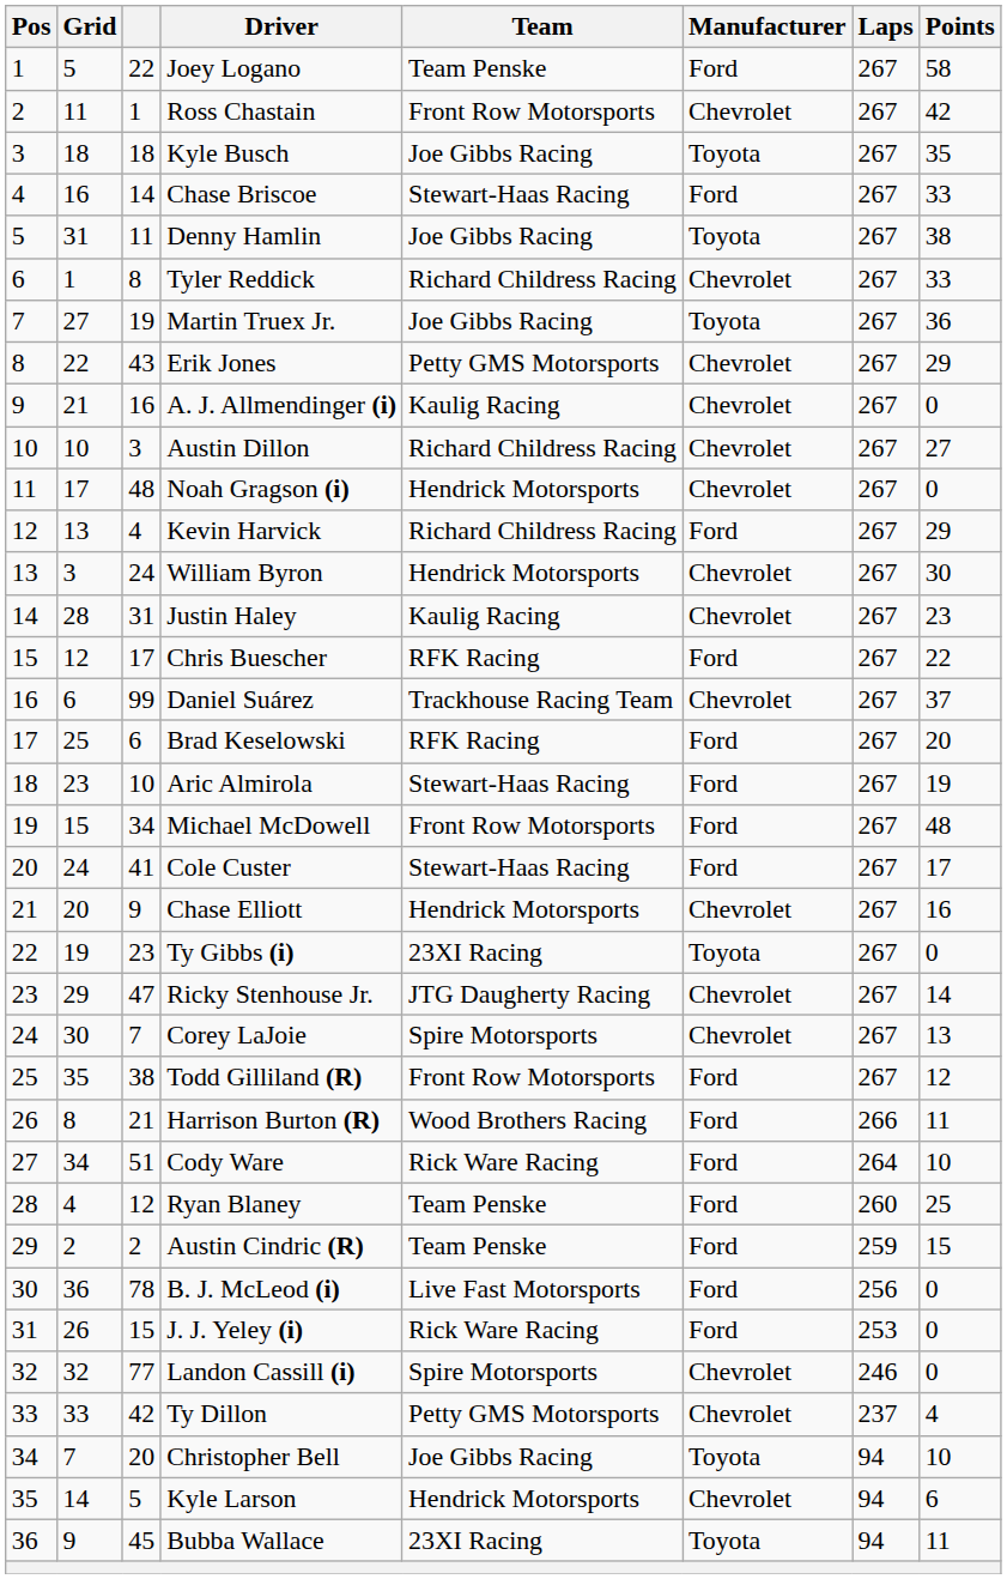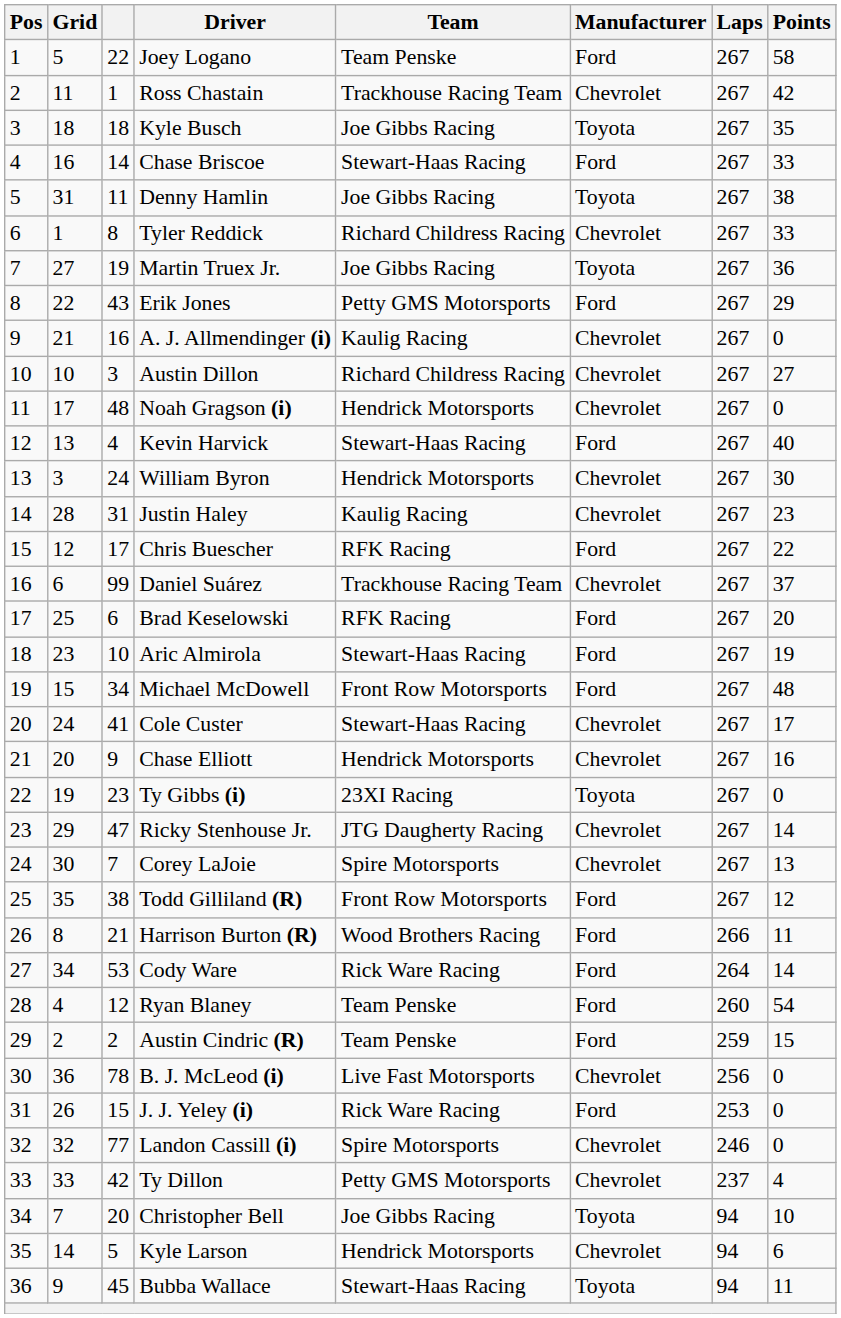 <table class="wikitable" style="font-size:98%">
 <tr>
 <th>Pos</th>
 <th>Grid</th>
 <th></th>
 <th>Driver</th>
 <th>Team</th>
 <th>Manufacturer</th>
 <th>Laps</th>
 <th>Points</th>
 </tr>
 <tr>
 <td>1</td>
 <td>5</td>
 <td>22</td>
 <td>Joey Logano</td>
 <td>Team Penske</td>
 <td>Ford</td>
 <td>267</td>
 <td>58</td>
 </tr>
 <tr>
 <td>2</td>
 <td>11</td>
 <td>1</td>
 <td>Ross Chastain</td>
-<td>Front Row Motorsports</td>
+<td>Trackhouse Racing Team</td>
 <td>Chevrolet</td>
 <td>267</td>
 <td>42</td>
 </tr>
 <tr>
 <td>3</td>
 <td>18</td>
 <td>18</td>
 <td>Kyle Busch</td>
 <td>Joe Gibbs Racing</td>
 <td>Toyota</td>
 <td>267</td>
 <td>35</td>
 </tr>
 <tr>
 <td>4</td>
 <td>16</td>
 <td>14</td>
 <td>Chase Briscoe</td>
 <td>Stewart-Haas Racing</td>
 <td>Ford</td>
 <td>267</td>
 <td>33</td>
 </tr>
 <tr>
 <td>5</td>
 <td>31</td>
 <td>11</td>
 <td>Denny Hamlin</td>
 <td>Joe Gibbs Racing</td>
 <td>Toyota</td>
 <td>267</td>
 <td>38</td>
 </tr>
 <tr>
 <td>6</td>
 <td>1</td>
 <td>8</td>
 <td>Tyler Reddick</td>
 <td>Richard Childress Racing</td>
 <td>Chevrolet</td>
 <td>267</td>
 <td>33</td>
 </tr>
 <tr>
 <td>7</td>
 <td>27</td>
 <td>19</td>
 <td>Martin Truex Jr.</td>
 <td>Joe Gibbs Racing</td>
 <td>Toyota</td>
 <td>267</td>
 <td>36</td>
 </tr>
 <tr>
 <td>8</td>
 <td>22</td>
 <td>43</td>
 <td>Erik Jones</td>
 <td>Petty GMS Motorsports</td>
-<td>Chevrolet</td>
+<td>Ford</td>
 <td>267</td>
 <td>29</td>
 </tr>
 <tr>
 <td>9</td>
 <td>21</td>
 <td>16</td>
 <td>A. J. Allmendinger <strong>(i)</strong></td>
 <td>Kaulig Racing</td>
 <td>Chevrolet</td>
 <td>267</td>
 <td>0</td>
 </tr>
 <tr>
 <td>10</td>
 <td>10</td>
 <td>3</td>
 <td>Austin Dillon</td>
 <td>Richard Childress Racing</td>
 <td>Chevrolet</td>
 <td>267</td>
 <td>27</td>
 </tr>
 <tr>
 <td>11</td>
 <td>17</td>
 <td>48</td>
 <td>Noah Gragson <strong>(i)</strong></td>
 <td>Hendrick Motorsports</td>
 <td>Chevrolet</td>
 <td>267</td>
 <td>0</td>
 </tr>
 <tr>
 <td>12</td>
 <td>13</td>
 <td>4</td>
 <td>Kevin Harvick</td>
-<td>Richard Childress Racing</td>
+<td>Stewart-Haas Racing</td>
 <td>Ford</td>
 <td>267</td>
-<td>29</td>
+<td>40</td>
 </tr>
 <tr>
 <td>13</td>
 <td>3</td>
 <td>24</td>
 <td>William Byron</td>
 <td>Hendrick Motorsports</td>
 <td>Chevrolet</td>
 <td>267</td>
 <td>30</td>
 </tr>
 <tr>
 <td>14</td>
 <td>28</td>
 <td>31</td>
 <td>Justin Haley</td>
 <td>Kaulig Racing</td>
 <td>Chevrolet</td>
 <td>267</td>
 <td>23</td>
 </tr>
 <tr>
 <td>15</td>
 <td>12</td>
 <td>17</td>
 <td>Chris Buescher</td>
 <td>RFK Racing</td>
 <td>Ford</td>
 <td>267</td>
 <td>22</td>
 </tr>
 <tr>
 <td>16</td>
 <td>6</td>
 <td>99</td>
 <td>Daniel Suárez</td>
 <td>Trackhouse Racing Team</td>
 <td>Chevrolet</td>
 <td>267</td>
 <td>37</td>
 </tr>
 <tr>
 <td>17</td>
 <td>25</td>
 <td>6</td>
 <td>Brad Keselowski</td>
 <td>RFK Racing</td>
 <td>Ford</td>
 <td>267</td>
 <td>20</td>
 </tr>
 <tr>
 <td>18</td>
 <td>23</td>
 <td>10</td>
 <td>Aric Almirola</td>
 <td>Stewart-Haas Racing</td>
 <td>Ford</td>
 <td>267</td>
 <td>19</td>
 </tr>
 <tr>
 <td>19</td>
 <td>15</td>
 <td>34</td>
 <td>Michael McDowell</td>
 <td>Front Row Motorsports</td>
 <td>Ford</td>
 <td>267</td>
 <td>48</td>
 </tr>
 <tr>
 <td>20</td>
 <td>24</td>
 <td>41</td>
 <td>Cole Custer</td>
 <td>Stewart-Haas Racing</td>
-<td>Ford</td>
+<td>Chevrolet</td>
 <td>267</td>
 <td>17</td>
 </tr>
 <tr>
 <td>21</td>
 <td>20</td>
 <td>9</td>
 <td>Chase Elliott</td>
 <td>Hendrick Motorsports</td>
 <td>Chevrolet</td>
 <td>267</td>
 <td>16</td>
 </tr>
 <tr>
 <td>22</td>
 <td>19</td>
 <td>23</td>
 <td>Ty Gibbs <strong>(i)</strong></td>
 <td>23XI Racing</td>
 <td>Toyota</td>
 <td>267</td>
 <td>0</td>
 </tr>
 <tr>
 <td>23</td>
 <td>29</td>
 <td>47</td>
 <td>Ricky Stenhouse Jr.</td>
 <td>JTG Daugherty Racing</td>
 <td>Chevrolet</td>
 <td>267</td>
 <td>14</td>
 </tr>
 <tr>
 <td>24</td>
 <td>30</td>
 <td>7</td>
 <td>Corey LaJoie</td>
 <td>Spire Motorsports</td>
 <td>Chevrolet</td>
 <td>267</td>
 <td>13</td>
 </tr>
 <tr>
 <td>25</td>
 <td>35</td>
 <td>38</td>
 <td>Todd Gilliland <strong>(R)</strong></td>
 <td>Front Row Motorsports</td>
 <td>Ford</td>
 <td>267</td>
 <td>12</td>
 </tr>
 <tr>
 <td>26</td>
 <td>8</td>
 <td>21</td>
 <td>Harrison Burton <strong>(R)</strong></td>
 <td>Wood Brothers Racing</td>
 <td>Ford</td>
 <td>266</td>
 <td>11</td>
 </tr>
 <tr>
 <td>27</td>
 <td>34</td>
-<td>51</td>
+<td>53</td>
 <td>Cody Ware</td>
 <td>Rick Ware Racing</td>
 <td>Ford</td>
 <td>264</td>
-<td>10</td>
+<td>14</td>
 </tr>
 <tr>
 <td>28</td>
 <td>4</td>
 <td>12</td>
 <td>Ryan Blaney</td>
 <td>Team Penske</td>
 <td>Ford</td>
 <td>260</td>
-<td>25</td>
+<td>54</td>
 </tr>
 <tr>
 <td>29</td>
 <td>2</td>
 <td>2</td>
 <td>Austin Cindric <strong>(R)</strong></td>
 <td>Team Penske</td>
 <td>Ford</td>
 <td>259</td>
 <td>15</td>
 </tr>
 <tr>
 <td>30</td>
 <td>36</td>
 <td>78</td>
 <td>B. J. McLeod <strong>(i)</strong></td>
 <td>Live Fast Motorsports</td>
-<td>Ford</td>
+<td>Chevrolet</td>
 <td>256</td>
 <td>0</td>
 </tr>
 <tr>
 <td>31</td>
 <td>26</td>
 <td>15</td>
 <td>J. J. Yeley <strong>(i)</strong></td>
 <td>Rick Ware Racing</td>
 <td>Ford</td>
 <td>253</td>
 <td>0</td>
 </tr>
 <tr>
 <td>32</td>
 <td>32</td>
 <td>77</td>
 <td>Landon Cassill <strong>(i)</strong></td>
 <td>Spire Motorsports</td>
 <td>Chevrolet</td>
 <td>246</td>
 <td>0</td>
 </tr>
 <tr>
 <td>33</td>
 <td>33</td>
 <td>42</td>
 <td>Ty Dillon</td>
 <td>Petty GMS Motorsports</td>
 <td>Chevrolet</td>
 <td>237</td>
 <td>4</td>
 </tr>
 <tr>
 <td>34</td>
 <td>7</td>
 <td>20</td>
 <td>Christopher Bell</td>
 <td>Joe Gibbs Racing</td>
 <td>Toyota</td>
 <td>94</td>
 <td>10</td>
 </tr>
 <tr>
 <td>35</td>
 <td>14</td>
 <td>5</td>
 <td>Kyle Larson</td>
 <td>Hendrick Motorsports</td>
 <td>Chevrolet</td>
 <td>94</td>
 <td>6</td>
 </tr>
 <tr>
 <td>36</td>
 <td>9</td>
 <td>45</td>
 <td>Bubba Wallace</td>
-<td>23XI Racing</td>
+<td>Stewart-Haas Racing</td>
 <td>Toyota</td>
 <td>94</td>
 <td>11</td>
 </tr>
 <tr>
 <th colspan="8"></th>
 </tr>
 </table>
